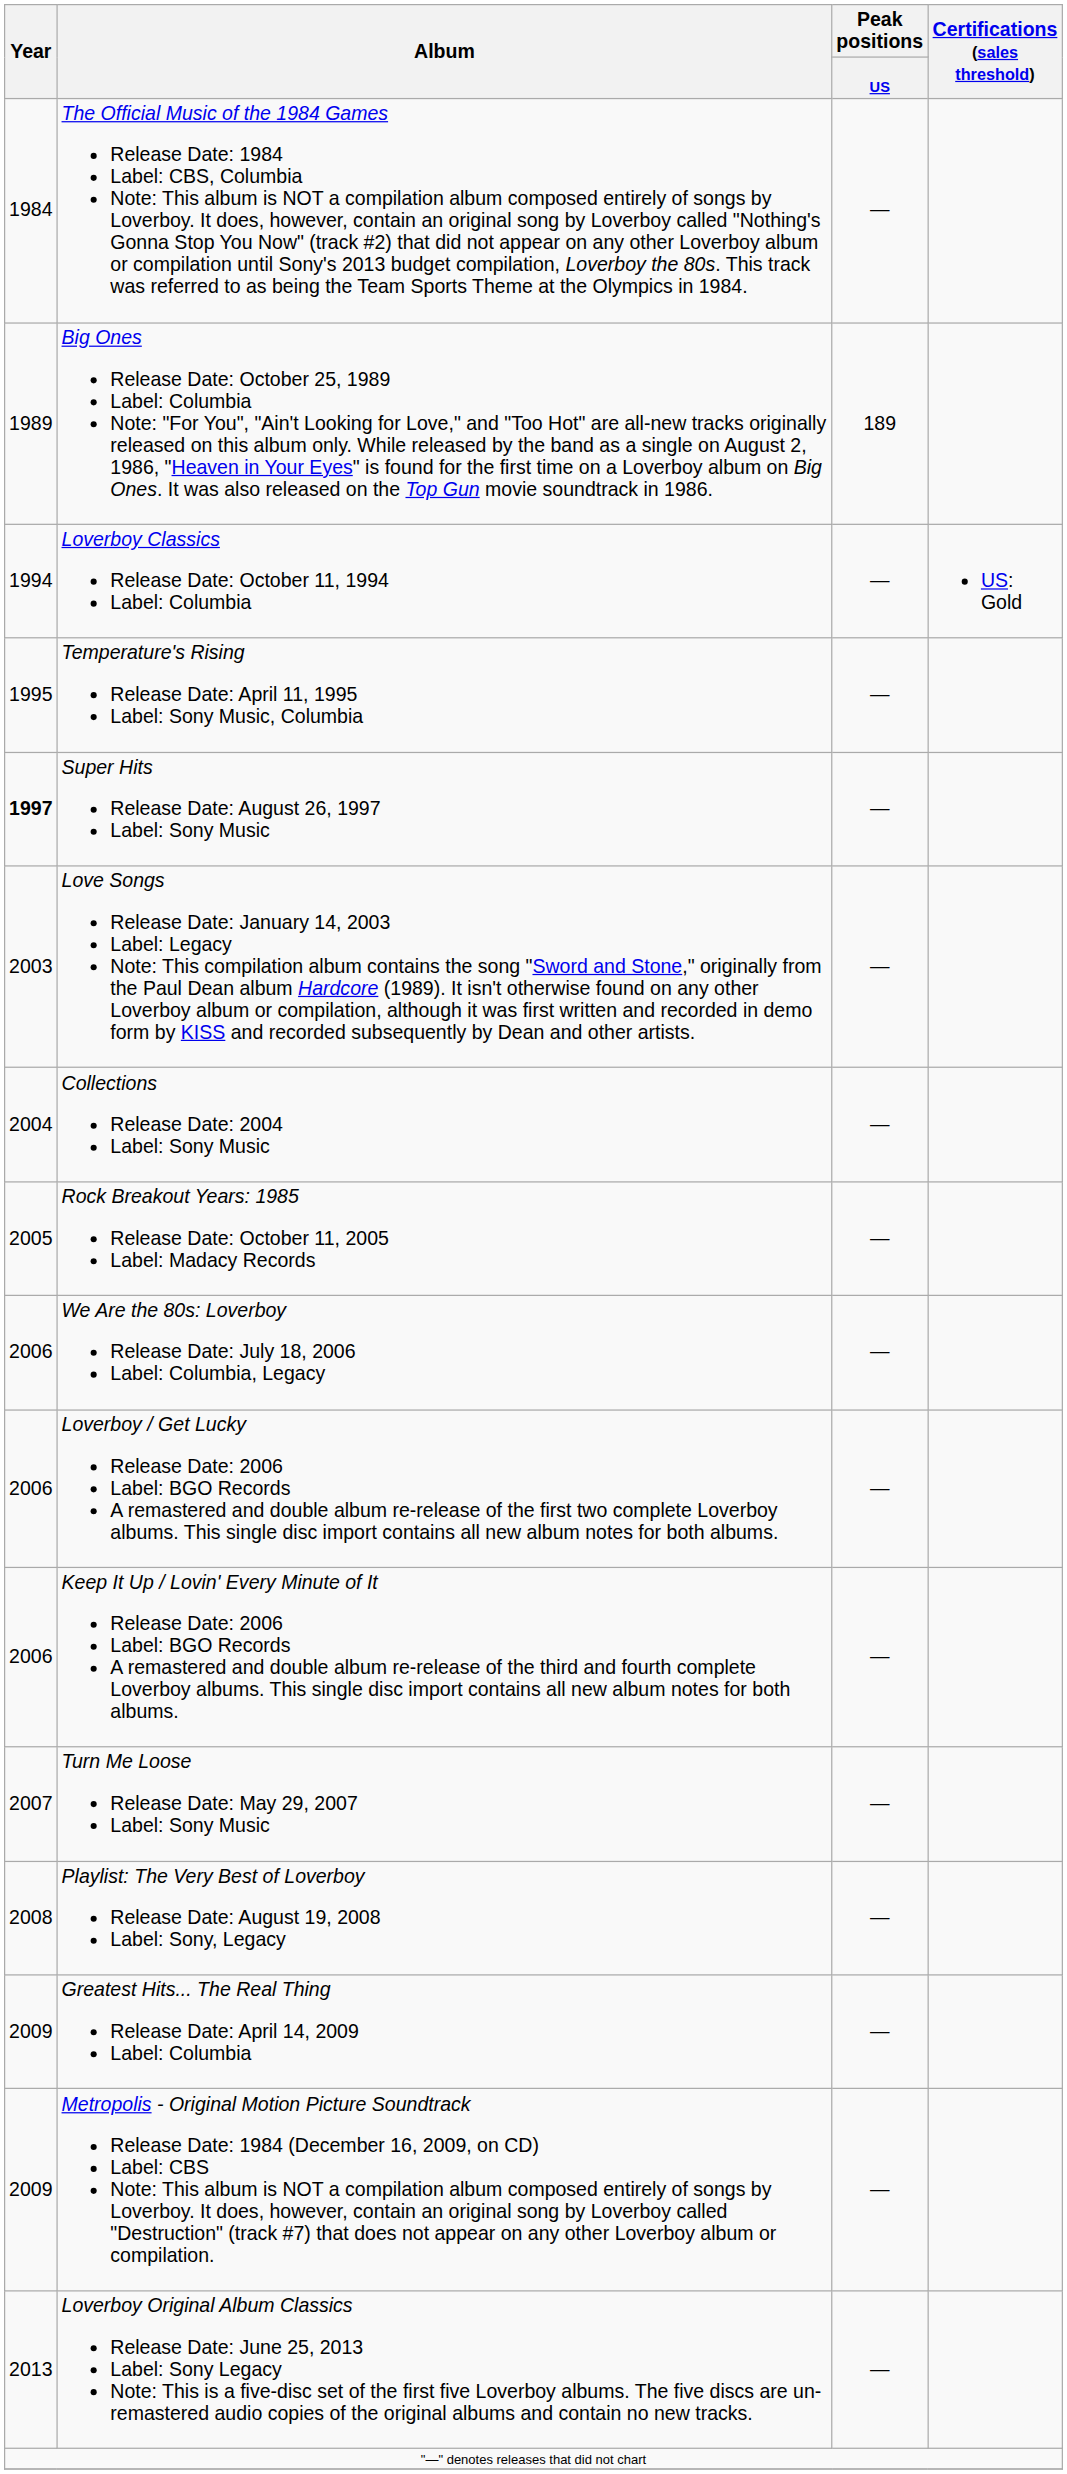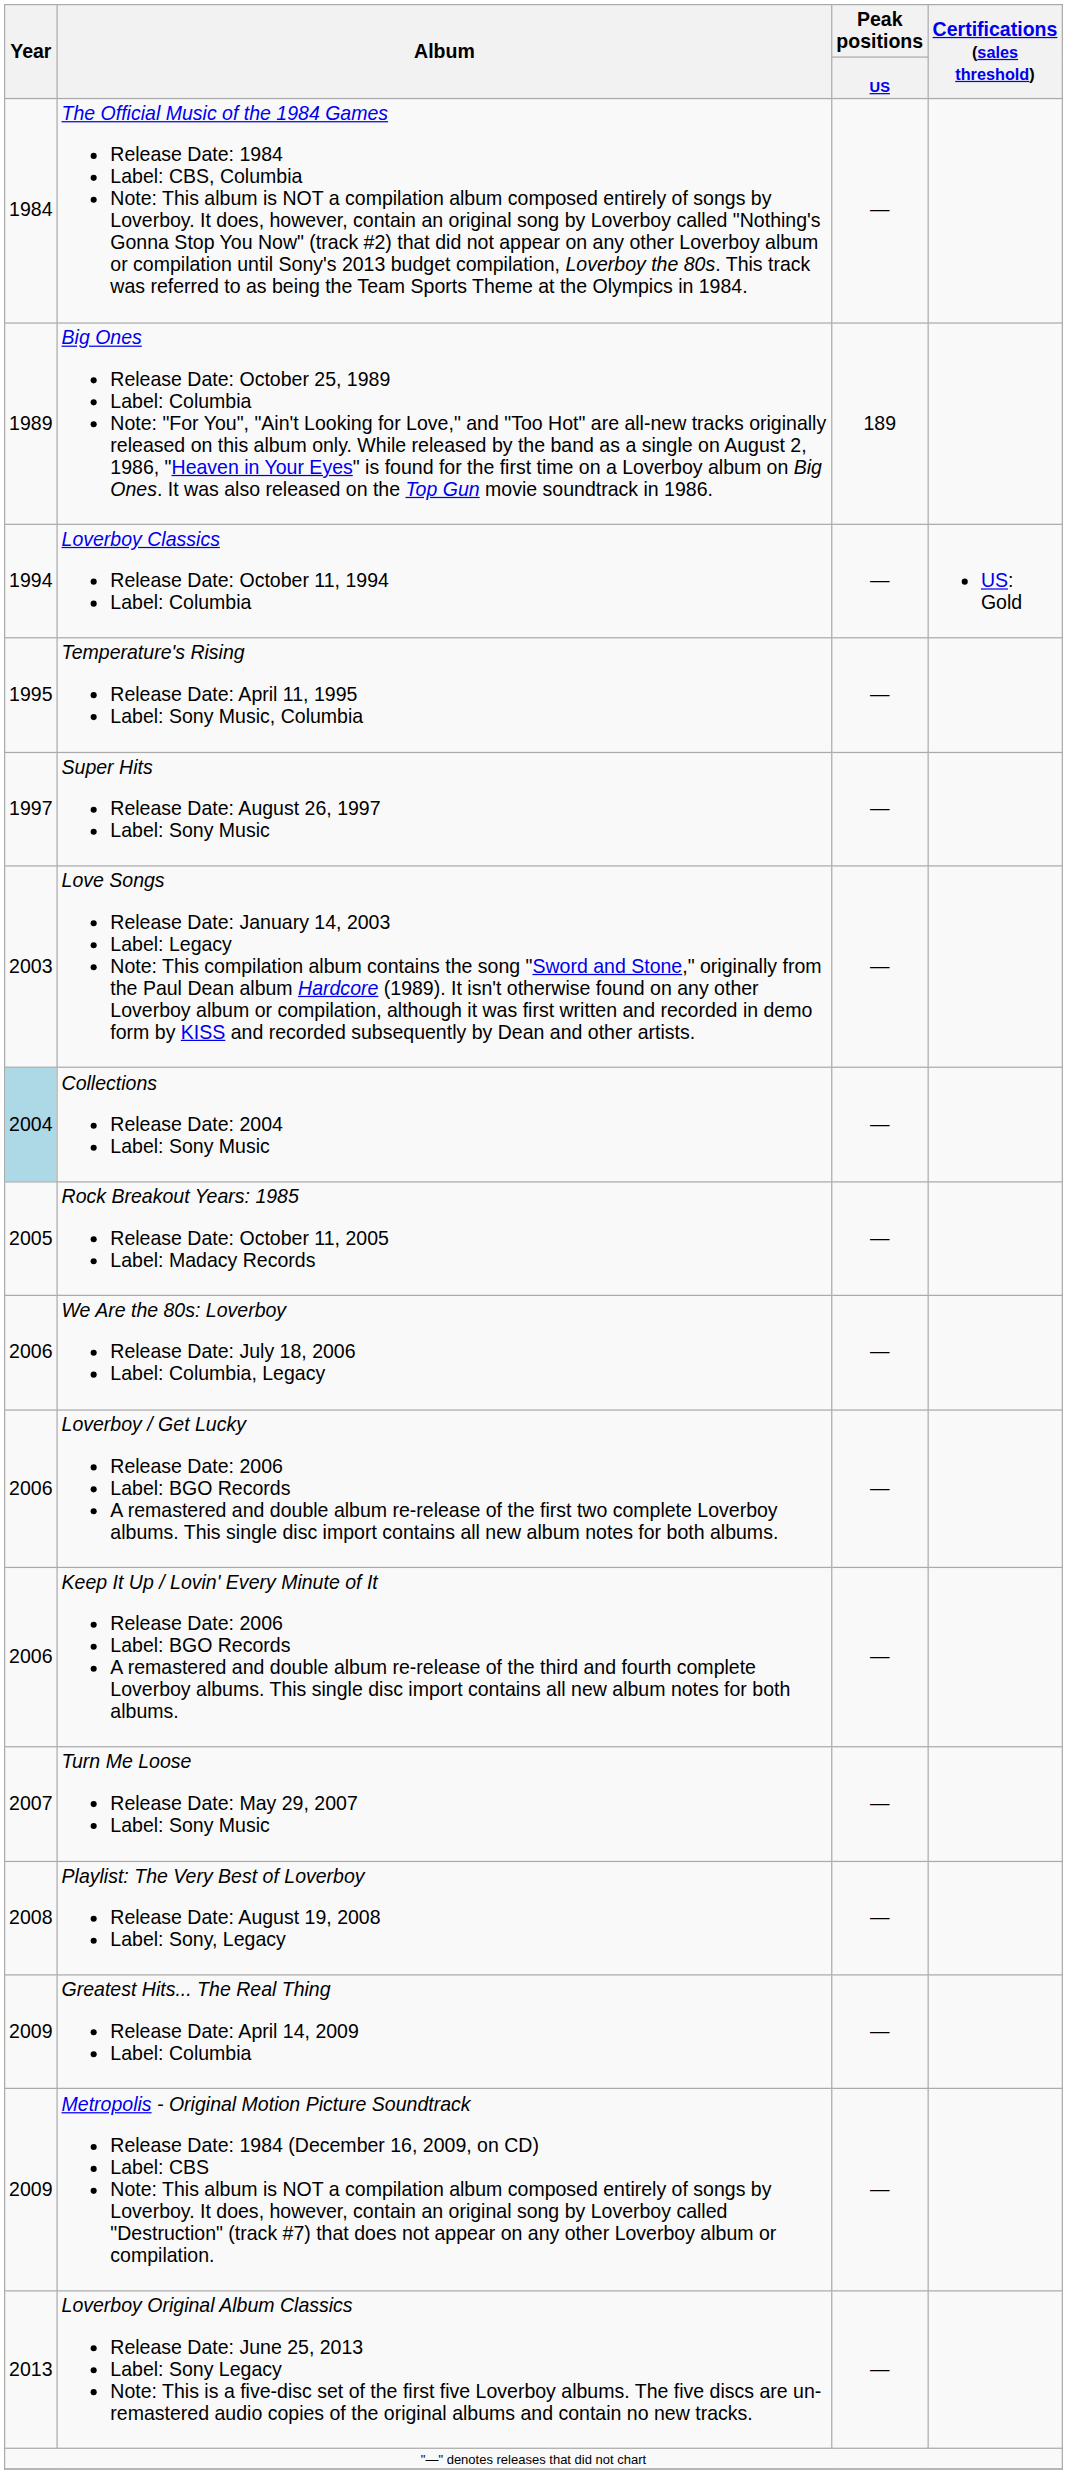 <table class="wikitable">
 <tr>
 <th rowspan="2">Year</th>
 <th rowspan="2">Album</th>
 <th>Peak positions</th>
 <th rowspan="2"><a href='#'>Certifications</a><br><small>(<a href='#'>sales threshold</a>)</small><br></th>
 </tr>
 <tr>
 <th style="width:4em;font-size:75%"><br><a href='#'>US</a><br></th>
 </tr>
 <tr>
 <td>1984</td>
 <td><em><a href='#'>The Official Music of the 1984 Games</a></em><br><ul><li>Release Date: 1984</li><li>Label: CBS, Columbia</li><li>Note: This album is NOT a compilation album composed entirely of songs by Loverboy. It does, however, contain an original song by Loverboy called "Nothing's Gonna Stop You Now" (track #2) that did not appear on any other Loverboy album or compilation until Sony's 2013 budget compilation, <em>Loverboy the 80s</em>. This track was referred to as being the Team Sports Theme at the Olympics in 1984.</li></ul></td>
 <td style="text-align:center;">—</td>
 <td></td>
 </tr>
 <tr>
 <td>1989</td>
 <td><em><a href='#'>Big Ones</a></em><br><ul><li>Release Date: October 25, 1989</li><li>Label: Columbia</li><li>Note: "For You", "Ain't Looking for Love," and "Too Hot" are all-new tracks originally released on this album only. While released by the band as a single on August 2, 1986, "<a href='#'>Heaven in Your Eyes</a>" is found for the first time on a Loverboy album on <em>Big Ones</em>. It was also released on the <em><a href='#'>Top Gun</a></em> movie soundtrack in 1986.</li></ul></td>
 <td style="text-align:center;">189</td>
 <td></td>
 </tr>
 <tr>
 <td>1994</td>
 <td><em><a href='#'>Loverboy Classics</a></em><br><ul><li>Release Date: October 11, 1994</li><li>Label: Columbia</li></ul></td>
 <td style="text-align:center;">—</td>
 <td><br><ul><li><a href='#'>US</a>: Gold</li></ul></td>
 </tr>
 <tr>
 <td>1995</td>
 <td><em>Temperature's Rising</em><br><ul><li>Release Date: April 11, 1995</li><li>Label: Sony Music, Columbia</li></ul></td>
 <td style="text-align:center;">—</td>
 <td></td>
 </tr>
 <tr>
-<td><strong>1997</strong></td>
+<td>1997</td>
 <td><em>Super Hits</em><br><ul><li>Release Date: August 26, 1997</li><li>Label: Sony Music</li></ul></td>
 <td style="text-align:center;">—</td>
 <td></td>
 </tr>
 <tr>
 <td>2003</td>
 <td><em>Love Songs</em><br><ul><li>Release Date: January 14, 2003</li><li>Label: Legacy</li><li>Note: This compilation album contains the song "<a href='#'>Sword and Stone</a>," originally from the Paul Dean album <em><a href='#'>Hardcore</a></em> (1989). It isn't otherwise found on any other Loverboy album or compilation, although it was first written and recorded in demo form by <a href='#'>KISS</a> and recorded subsequently by Dean and other artists.</li></ul></td>
 <td style="text-align:center;">—</td>
 <td></td>
 </tr>
 <tr>
-<td>2004</td>
+<td style="background: lightblue;">2004</td>
 <td><em>Collections</em><br><ul><li>Release Date: 2004</li><li>Label: Sony Music</li></ul></td>
 <td style="text-align:center;">—</td>
 <td></td>
 </tr>
 <tr>
 <td>2005</td>
 <td><em>Rock Breakout Years: 1985</em><br><ul><li>Release Date: October 11, 2005</li><li>Label: Madacy Records</li></ul></td>
 <td style="text-align:center;">—</td>
 <td></td>
 </tr>
 <tr>
 <td>2006</td>
 <td><em>We Are the 80s: Loverboy</em><br><ul><li>Release Date: July 18, 2006</li><li>Label: Columbia, Legacy</li></ul></td>
 <td style="text-align:center;">—</td>
 <td></td>
 </tr>
 <tr>
 <td>2006</td>
 <td><em>Loverboy / Get Lucky</em><br><ul><li>Release Date: 2006</li><li>Label: BGO Records</li><li>A remastered and double album re-release of the first two complete Loverboy albums. This single disc import contains all new album notes for both albums.</li></ul></td>
 <td style="text-align:center;">—</td>
 <td></td>
 </tr>
 <tr>
 <td>2006</td>
 <td><em>Keep It Up / Lovin' Every Minute of It</em><br><ul><li>Release Date: 2006</li><li>Label: BGO Records</li><li>A remastered and double album re-release of the third and fourth complete Loverboy albums. This single disc import contains all new album notes for both albums.</li></ul></td>
 <td style="text-align:center;">—</td>
 <td></td>
 </tr>
 <tr>
 <td>2007</td>
 <td><em>Turn Me Loose</em><br><ul><li>Release Date: May 29, 2007</li><li>Label: Sony Music</li></ul></td>
 <td style="text-align:center;">—</td>
 <td></td>
 </tr>
 <tr>
 <td>2008</td>
 <td><em>Playlist: The Very Best of Loverboy</em><br><ul><li>Release Date: August 19, 2008</li><li>Label: Sony, Legacy</li></ul></td>
 <td style="text-align:center;">—</td>
 <td></td>
 </tr>
 <tr>
 <td>2009</td>
 <td><em>Greatest Hits... The Real Thing</em><br><ul><li>Release Date: April 14, 2009</li><li>Label: Columbia</li></ul></td>
 <td style="text-align:center;">—</td>
 <td></td>
 </tr>
 <tr>
 <td>2009</td>
 <td><em><a href='#'>Metropolis</a> - Original Motion Picture Soundtrack</em><br><ul><li>Release Date: 1984 (December 16, 2009, on CD)</li><li>Label: CBS</li><li>Note: This album is NOT a compilation album composed entirely of songs by Loverboy. It does, however, contain an original song by Loverboy called "Destruction" (track #7) that does not appear on any other Loverboy album or compilation.</li></ul></td>
 <td style="text-align:center;">—</td>
 <td></td>
 </tr>
 <tr>
 <td>2013</td>
 <td><em>Loverboy Original Album Classics</em><br><ul><li>Release Date: June 25, 2013</li><li>Label: Sony Legacy</li><li>Note: This is a five-disc set of the first five Loverboy albums. The five discs are un-remastered audio copies of the original albums and contain no new tracks.</li></ul></td>
 <td style="text-align:center;">—</td>
 <td></td>
 </tr>
 <tr>
 <td colspan="4" style="text-align:center; font-size:8pt;">"—" denotes releases that did not chart</td>
 </tr>
 <tr>
 </tr>
 </table>
